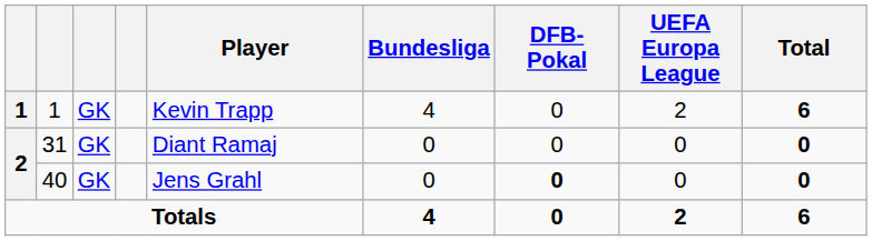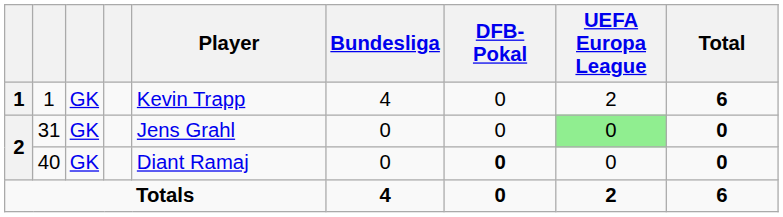 <table class="wikitable" style="text-align:center">
 <tr>
 <th width=15></th>
 <th width=15></th>
 <th width=15></th>
 <th width=15></th>
 <th width=145>Player</th>
 <th width=80><a href='#'>Bundesliga</a></th>
 <th width=80><a href='#'>DFB-Pokal</a></th>
 <th width=80><a href='#'>UEFA Europa League</a></th>
 <th width=80>Total</th>
 </tr>
 <tr>
 <th rowspan=1>1</th>
 <td>1</td>
 <td><a href='#'>GK</a></td>
 <td></td>
 <td align=left><a href='#'>Kevin Trapp</a></td>
 <td>4</td>
 <td>0</td>
 <td>2</td>
 <td><strong>6</strong></td>
 </tr>
 <tr>
 <th rowspan=2>2</th>
 <td>31</td>
 <td><a href='#'>GK</a></td>
 <td></td>
-<td align=left><a href='#'>Diant Ramaj</a></td>
+<td align=left><a href='#'>Jens Grahl</a></td>
 <td>0</td>
 <td>0</td>
-<td>0</td>
+<td style="background: lightgreen;">0</td>
 <td><strong>0</strong></td>
 </tr>
 <tr>
 <td>40</td>
 <td><a href='#'>GK</a></td>
 <td></td>
-<td align=left><a href='#'>Jens Grahl</a></td>
+<td align=left><a href='#'>Diant Ramaj</a></td>
 <td>0</td>
 <td><strong>0</strong></td>
 <td>0</td>
 <td><strong>0</strong></td>
 </tr>
 <tr>
 <td colspan=5><strong>Totals</strong></td>
 <td><strong>4</strong></td>
 <td><strong>0</strong></td>
 <td><strong>2</strong></td>
 <td><strong>6</strong></td>
 </tr>
 </table>
